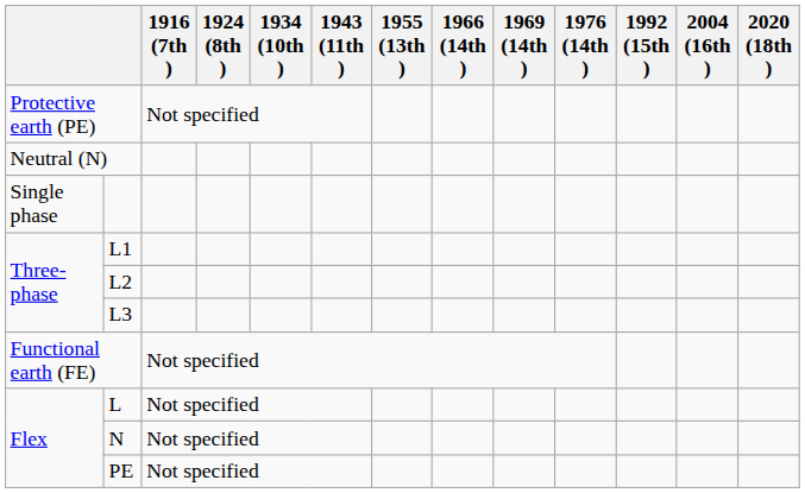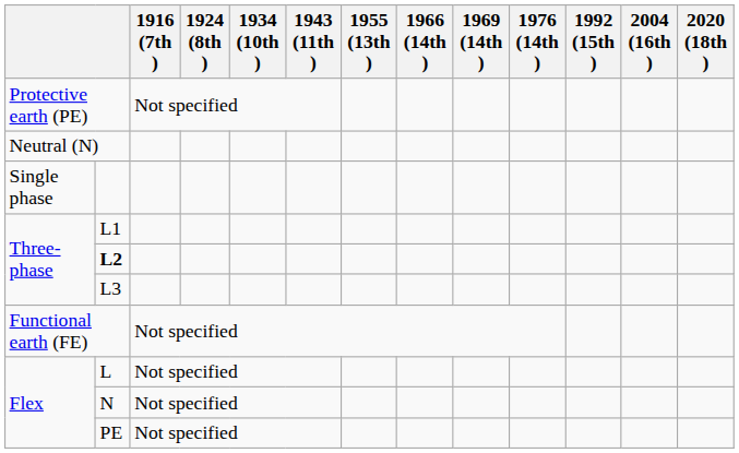 <table class="wikitable">
 <tr>
 <th colspan="2"></th>
 <th>1916<br>(7th )</th>
 <th>1924<br>(8th )</th>
 <th>1934<br>(10th )</th>
 <th>1943<br>(11th )</th>
 <th>1955<br>(13th )</th>
 <th>1966<br>(14th )</th>
 <th>1969<br>(14th )</th>
 <th>1976<br>(14th )</th>
 <th>1992<br>(15th )</th>
 <th>2004<br>(16th )</th>
 <th>2020<br>(18th )</th>
 </tr>
 <tr>
 <td colspan="2"><a href='#'>Protective earth</a> (PE)</td>
 <td colspan="4">Not specified </td>
 <td></td>
 <td></td>
 <td> </td>
 <td></td>
 <td></td>
 <td></td>
 <td></td>
 </tr>
 <tr>
 <td colspan="2">Neutral (N)</td>
 <td></td>
 <td> </td>
 <td></td>
 <td></td>
 <td></td>
 <td></td>
 <td></td>
 <td></td>
 <td></td>
 <td></td>
 <td></td>
 </tr>
 <tr>
 <td>Single phase</td>
 <td></td>
 <td></td>
 <td></td>
 <td></td>
 <td></td>
 <td></td>
 <td></td>
 <td></td>
 <td></td>
 <td></td>
 <td></td>
 <td></td>
 </tr>
 <tr>
 <td rowspan="3"><a href='#'>Three-phase</a></td>
 <td>L1</td>
 <td></td>
 <td></td>
 <td></td>
 <td></td>
 <td></td>
 <td></td>
 <td></td>
 <td></td>
 <td></td>
 <td></td>
 <td></td>
 </tr>
 <tr>
-<td>L2</td>
+<td><strong>L2</strong></td>
 <td> </td>
 <td> </td>
 <td></td>
 <td></td>
 <td></td>
 <td></td>
 <td></td>
 <td></td>
 <td></td>
 <td></td>
 <td></td>
 </tr>
 <tr>
 <td>L3</td>
 <td></td>
 <td></td>
 <td></td>
 <td></td>
 <td></td>
 <td></td>
 <td></td>
 <td></td>
 <td></td>
 <td></td>
 <td></td>
 </tr>
 <tr>
 <td colspan="2"><a href='#'>Functional earth</a> (FE)</td>
 <td colspan="8">Not specified</td>
 <td></td>
 <td></td>
 <td></td>
 </tr>
 <tr>
 <td rowspan="3"><a href='#'>Flex</a></td>
 <td>L</td>
 <td colspan="4">Not specified</td>
 <td></td>
 <td></td>
 <td></td>
 <td></td>
 <td></td>
 <td></td>
 <td></td>
 </tr>
 <tr>
 <td>N</td>
 <td colspan="4">Not specified</td>
 <td></td>
 <td></td>
 <td></td>
 <td></td>
 <td></td>
 <td></td>
 <td></td>
 </tr>
 <tr>
 <td>PE</td>
 <td colspan="4">Not specified</td>
 <td></td>
 <td></td>
 <td></td>
 <td></td>
 <td></td>
 <td></td>
 <td></td>
 </tr>
 </table>
